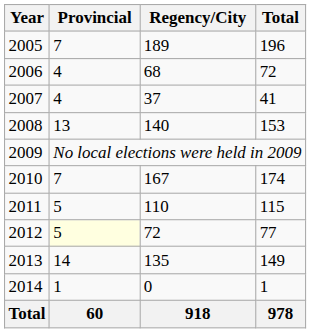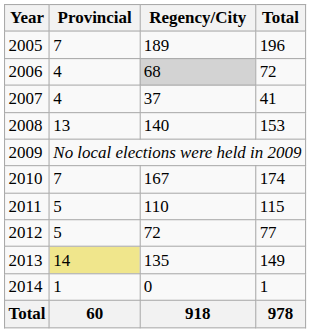 <table class="wikitable">
 <tr>
 <th>Year</th>
 <th>Provincial</th>
 <th>Regency/City</th>
 <th>Total</th>
 </tr>
 <tr>
 <td>2005</td>
 <td>7</td>
 <td>189</td>
 <td>196</td>
 </tr>
 <tr>
 <td>2006</td>
 <td>4</td>
-<td>68</td>
+<td style="background: lightgrey;">68</td>
 <td>72</td>
 </tr>
 <tr>
 <td>2007</td>
 <td>4</td>
 <td>37</td>
 <td>41</td>
 </tr>
 <tr>
 <td>2008</td>
 <td>13</td>
 <td>140</td>
 <td>153</td>
 </tr>
 <tr>
 <td>2009</td>
 <td colspan=3 align=center><em>No local elections were held in 2009</em></td>
 </tr>
 <tr>
 <td>2010</td>
 <td>7</td>
 <td>167</td>
 <td>174</td>
 </tr>
 <tr>
 <td>2011</td>
 <td>5</td>
 <td>110</td>
 <td>115</td>
 </tr>
 <tr>
 <td>2012</td>
-<td style="background: lightyellow;">5</td>
+<td>5</td>
 <td>72</td>
 <td>77</td>
 </tr>
 <tr>
 <td>2013</td>
-<td>14</td>
+<td style="background: khaki;">14</td>
 <td>135</td>
 <td>149</td>
 </tr>
 <tr>
 <td>2014</td>
 <td>1</td>
 <td>0</td>
 <td>1</td>
 </tr>
 <tr>
 <th>Total</th>
 <th>60</th>
 <th>918</th>
 <th>978</th>
 </tr>
 </table>
